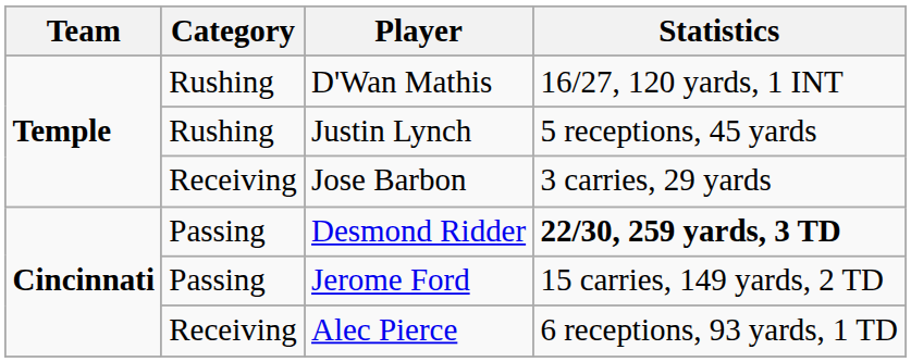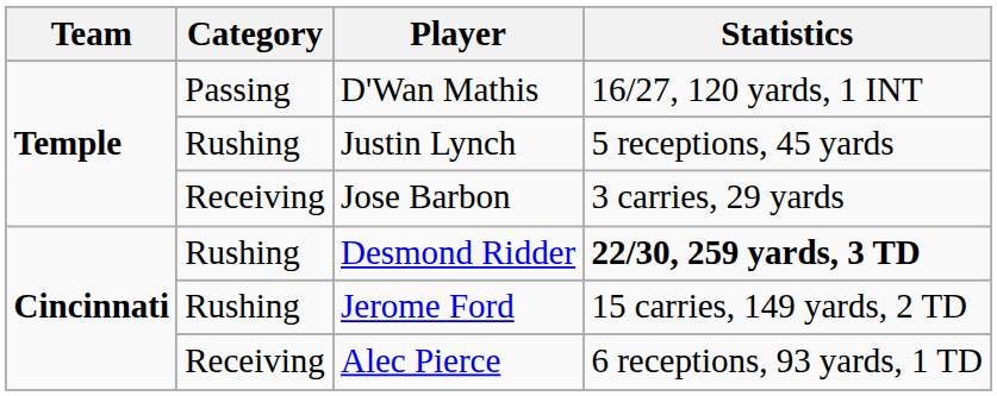 <table class="wikitable" style="float: left;">
 <tr>
 <th>Team</th>
 <th>Category</th>
 <th>Player</th>
 <th>Statistics</th>
 </tr>
 <tr>
 <td rowspan=3><strong>Temple</strong></td>
-<td>Rushing</td>
+<td>Passing</td>
 <td>D'Wan Mathis</td>
 <td>16/27, 120 yards, 1 INT</td>
 </tr>
 <tr>
 <td>Rushing</td>
 <td>Justin Lynch</td>
 <td>5 receptions, 45 yards</td>
 </tr>
 <tr>
 <td>Receiving</td>
 <td>Jose Barbon</td>
 <td>3 carries, 29 yards</td>
 </tr>
 <tr>
 <td rowspan=3><strong>Cincinnati</strong></td>
-<td>Passing</td>
+<td>Rushing</td>
 <td><a href='#'>Desmond Ridder</a></td>
 <td><strong>22/30, 259 yards, 3 TD</strong></td>
 </tr>
 <tr>
-<td>Passing</td>
+<td>Rushing</td>
 <td><a href='#'>Jerome Ford</a></td>
 <td>15 carries, 149 yards, 2 TD</td>
 </tr>
 <tr>
 <td>Receiving</td>
 <td><a href='#'>Alec Pierce</a></td>
 <td>6 receptions, 93 yards, 1 TD</td>
 </tr>
 </table>
